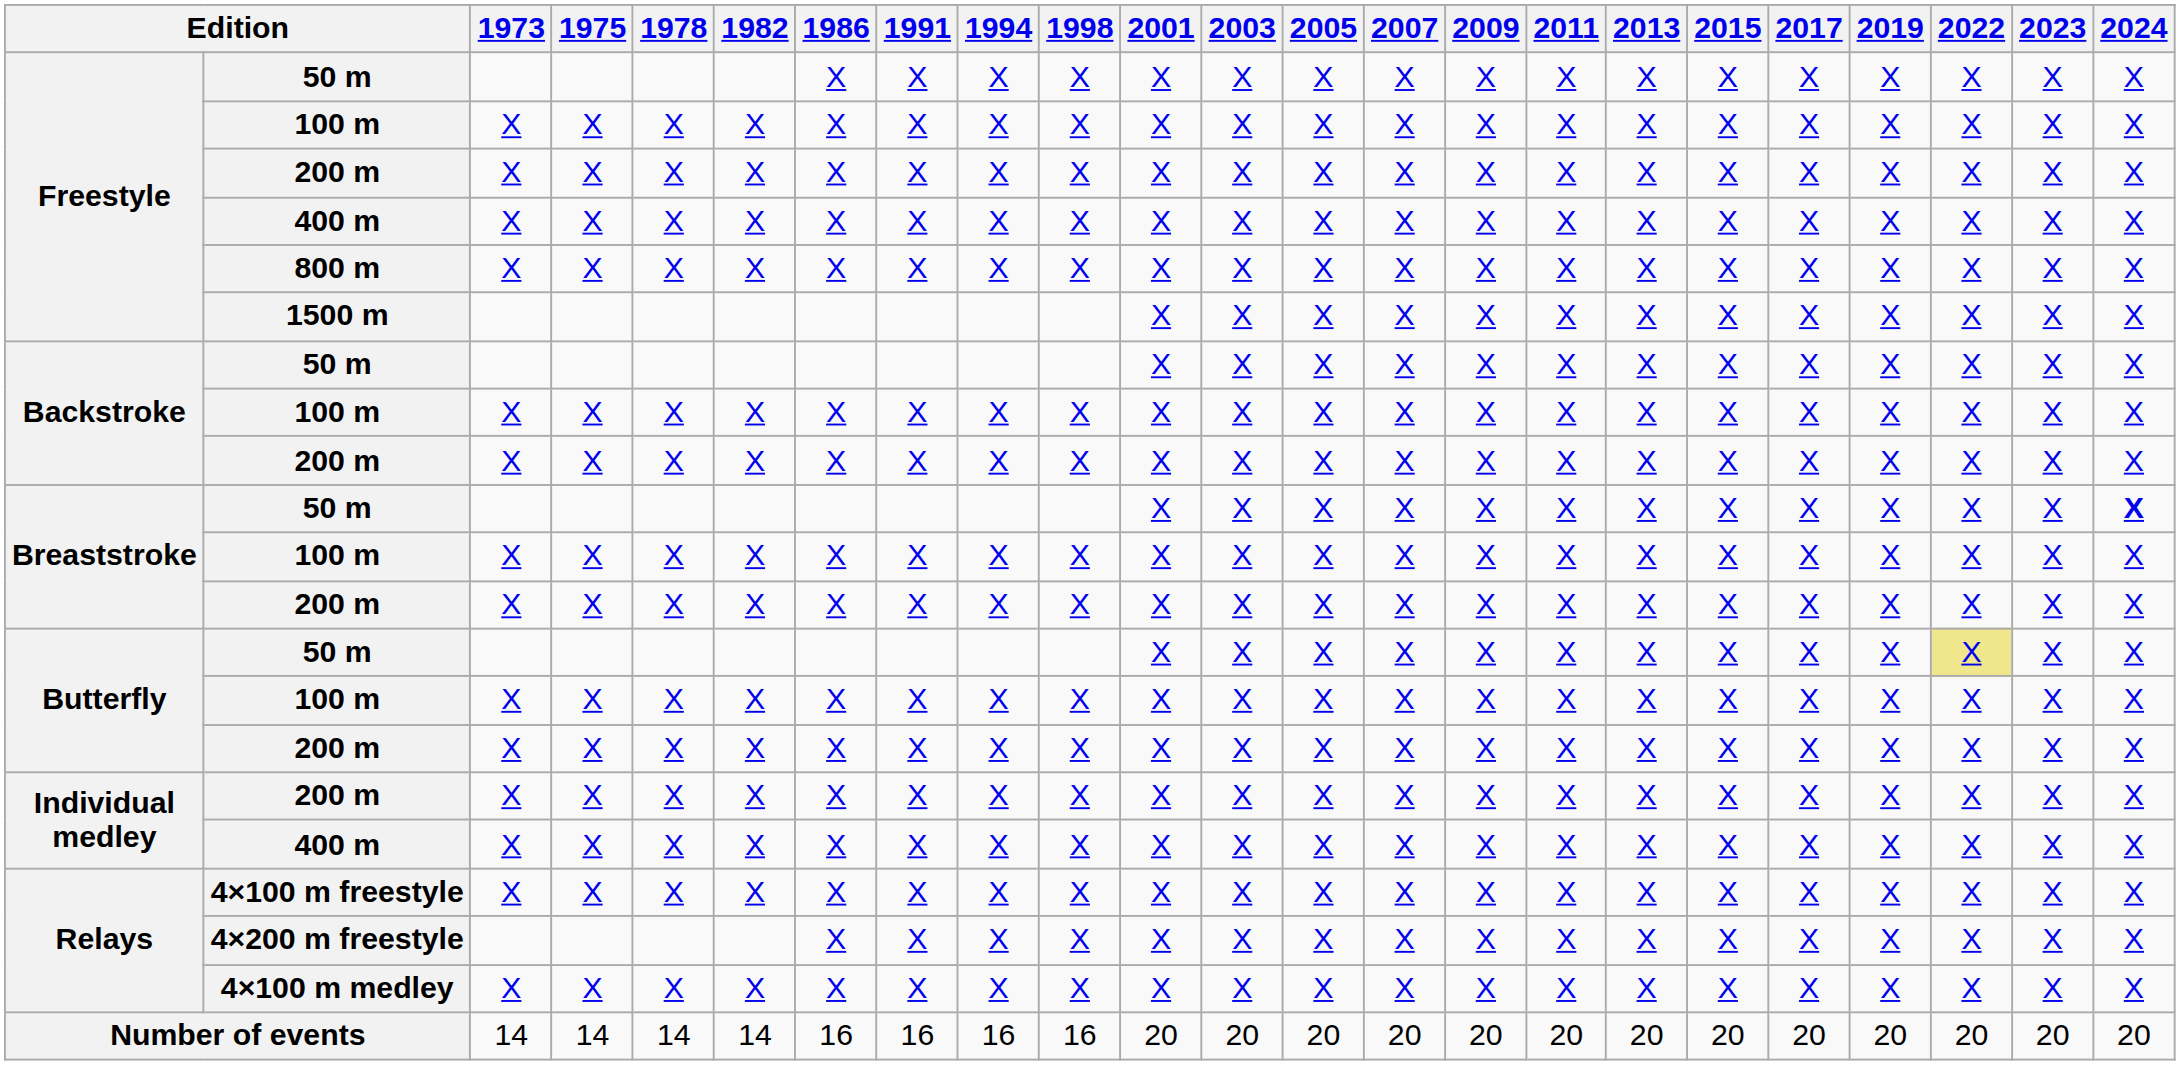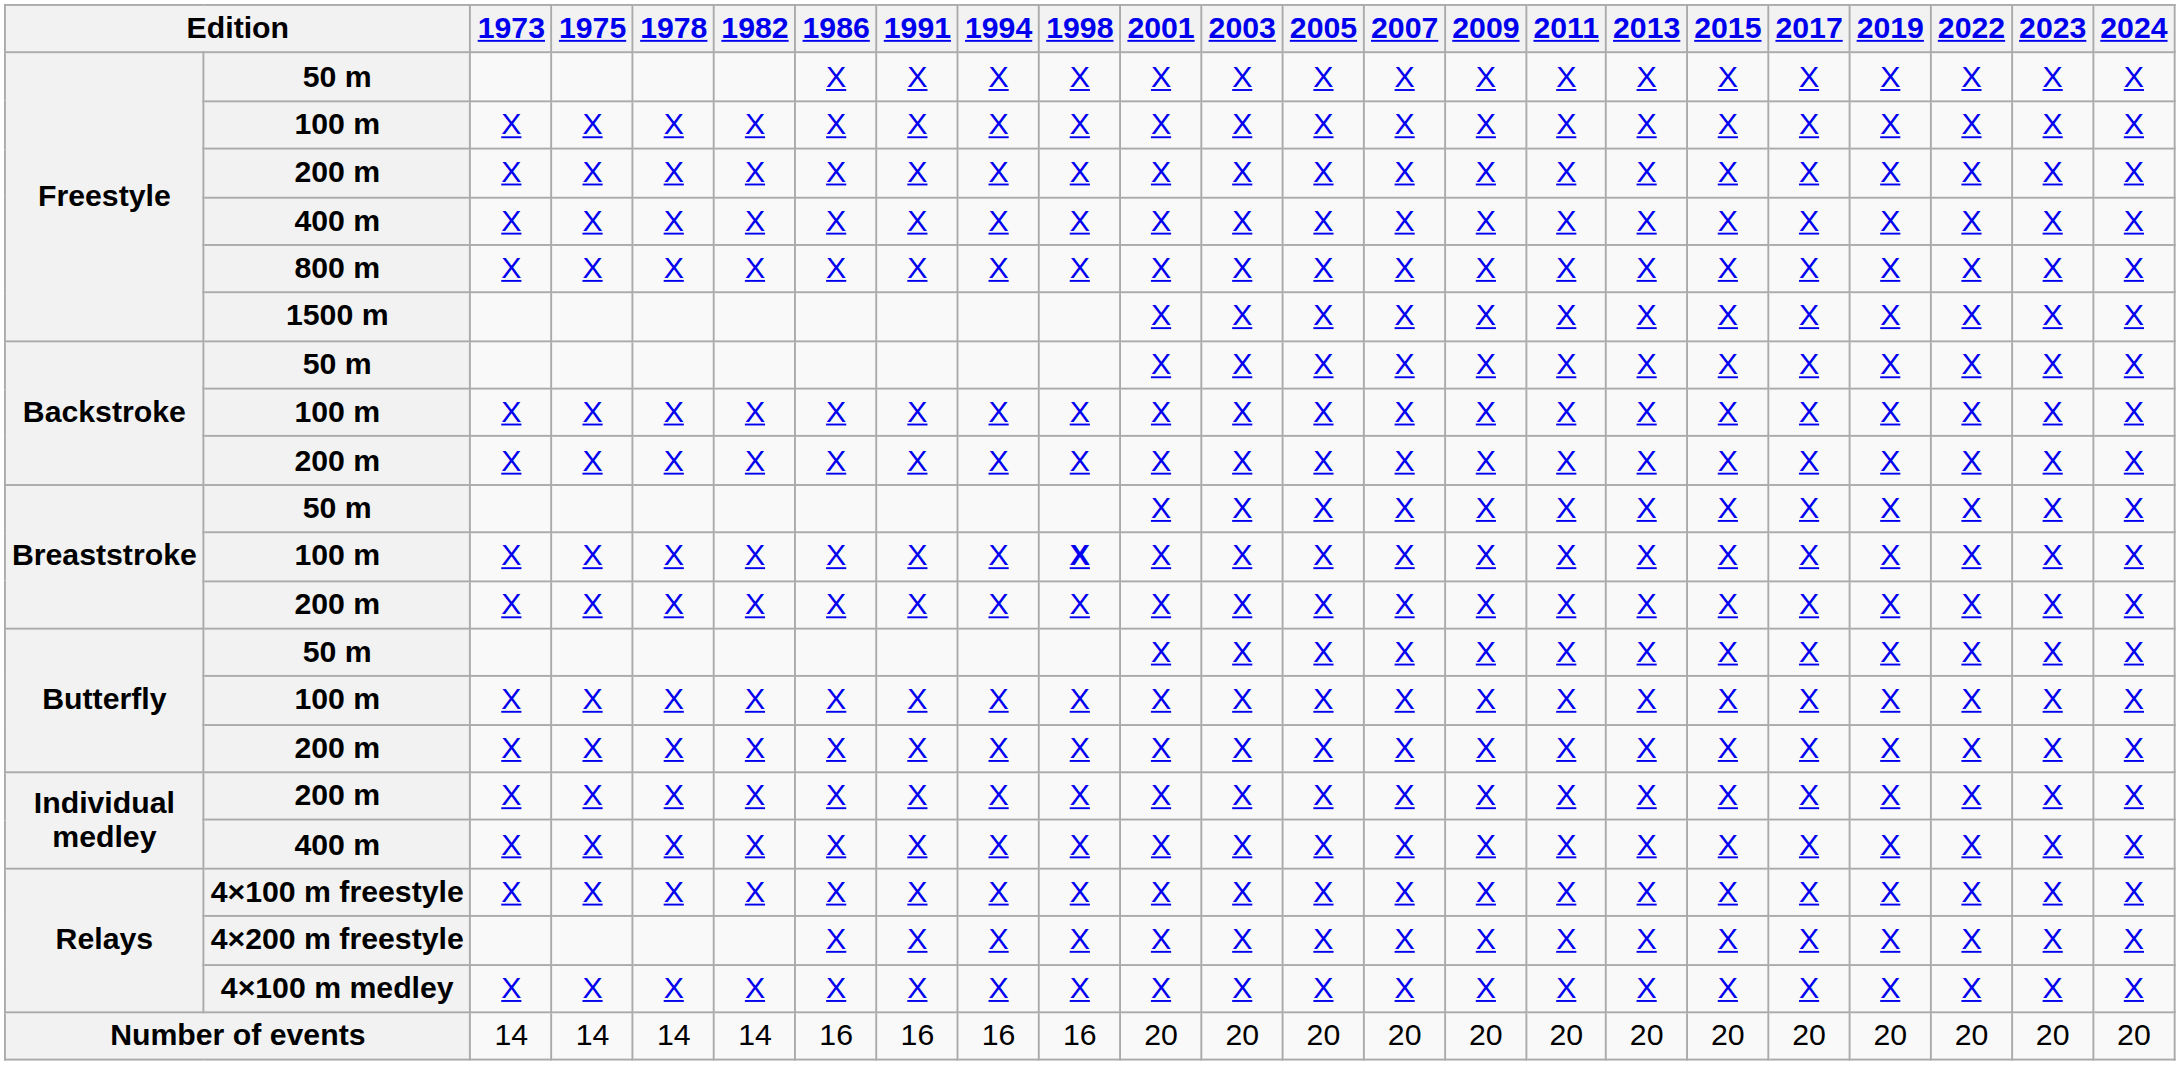 <table class="wikitable" style="text-size:95%; text-align:center">
 <tr>
 <th colspan="2">Edition</th>
 <th><a href='#'>1973</a></th>
 <th><a href='#'>1975</a></th>
 <th><a href='#'>1978</a></th>
 <th><a href='#'>1982</a></th>
 <th><a href='#'>1986</a></th>
 <th><a href='#'>1991</a></th>
 <th><a href='#'>1994</a></th>
 <th><a href='#'>1998</a></th>
 <th><a href='#'>2001</a></th>
 <th><a href='#'>2003</a></th>
 <th><a href='#'>2005</a></th>
 <th><a href='#'>2007</a></th>
 <th><a href='#'>2009</a></th>
 <th><a href='#'>2011</a></th>
 <th><a href='#'>2013</a></th>
 <th><a href='#'>2015</a></th>
 <th><a href='#'>2017</a></th>
 <th><a href='#'>2019</a></th>
 <th><a href='#'>2022</a></th>
 <th><a href='#'>2023</a></th>
 <th><a href='#'>2024</a></th>
 </tr>
 <tr>
 <th rowspan="6">Freestyle</th>
 <th>50 m</th>
 <td></td>
 <td></td>
 <td></td>
 <td></td>
 <td><a href='#'>X</a></td>
 <td><a href='#'>X</a></td>
 <td><a href='#'>X</a></td>
 <td><a href='#'>X</a></td>
 <td><a href='#'>X</a></td>
 <td><a href='#'>X</a></td>
 <td><a href='#'>X</a></td>
 <td><a href='#'>X</a></td>
 <td><a href='#'>X</a></td>
 <td><a href='#'>X</a></td>
 <td><a href='#'>X</a></td>
 <td><a href='#'>X</a></td>
 <td><a href='#'>X</a></td>
 <td><a href='#'>X</a></td>
 <td><a href='#'>X</a></td>
 <td><a href='#'>X</a></td>
 <td><a href='#'>X</a></td>
 </tr>
 <tr>
 <th>100 m</th>
 <td><a href='#'>X</a></td>
 <td><a href='#'>X</a></td>
 <td><a href='#'>X</a></td>
 <td><a href='#'>X</a></td>
 <td><a href='#'>X</a></td>
 <td><a href='#'>X</a></td>
 <td><a href='#'>X</a></td>
 <td><a href='#'>X</a></td>
 <td><a href='#'>X</a></td>
 <td><a href='#'>X</a></td>
 <td><a href='#'>X</a></td>
 <td><a href='#'>X</a></td>
 <td><a href='#'>X</a></td>
 <td><a href='#'>X</a></td>
 <td><a href='#'>X</a></td>
 <td><a href='#'>X</a></td>
 <td><a href='#'>X</a></td>
 <td><a href='#'>X</a></td>
 <td><a href='#'>X</a></td>
 <td><a href='#'>X</a></td>
 <td><a href='#'>X</a></td>
 </tr>
 <tr>
 <th>200 m</th>
 <td><a href='#'>X</a></td>
 <td><a href='#'>X</a></td>
 <td><a href='#'>X</a></td>
 <td><a href='#'>X</a></td>
 <td><a href='#'>X</a></td>
 <td><a href='#'>X</a></td>
 <td><a href='#'>X</a></td>
 <td><a href='#'>X</a></td>
 <td><a href='#'>X</a></td>
 <td><a href='#'>X</a></td>
 <td><a href='#'>X</a></td>
 <td><a href='#'>X</a></td>
 <td><a href='#'>X</a></td>
 <td><a href='#'>X</a></td>
 <td><a href='#'>X</a></td>
 <td><a href='#'>X</a></td>
 <td><a href='#'>X</a></td>
 <td><a href='#'>X</a></td>
 <td><a href='#'>X</a></td>
 <td><a href='#'>X</a></td>
 <td><a href='#'>X</a></td>
 </tr>
 <tr>
 <th>400 m</th>
 <td><a href='#'>X</a></td>
 <td><a href='#'>X</a></td>
 <td><a href='#'>X</a></td>
 <td><a href='#'>X</a></td>
 <td><a href='#'>X</a></td>
 <td><a href='#'>X</a></td>
 <td><a href='#'>X</a></td>
 <td><a href='#'>X</a></td>
 <td><a href='#'>X</a></td>
 <td><a href='#'>X</a></td>
 <td><a href='#'>X</a></td>
 <td><a href='#'>X</a></td>
 <td><a href='#'>X</a></td>
 <td><a href='#'>X</a></td>
 <td><a href='#'>X</a></td>
 <td><a href='#'>X</a></td>
 <td><a href='#'>X</a></td>
 <td><a href='#'>X</a></td>
 <td><a href='#'>X</a></td>
 <td><a href='#'>X</a></td>
 <td><a href='#'>X</a></td>
 </tr>
 <tr>
 <th>800 m</th>
 <td><a href='#'>X</a></td>
 <td><a href='#'>X</a></td>
 <td><a href='#'>X</a></td>
 <td><a href='#'>X</a></td>
 <td><a href='#'>X</a></td>
 <td><a href='#'>X</a></td>
 <td><a href='#'>X</a></td>
 <td><a href='#'>X</a></td>
 <td><a href='#'>X</a></td>
 <td><a href='#'>X</a></td>
 <td><a href='#'>X</a></td>
 <td><a href='#'>X</a></td>
 <td><a href='#'>X</a></td>
 <td><a href='#'>X</a></td>
 <td><a href='#'>X</a></td>
 <td><a href='#'>X</a></td>
 <td><a href='#'>X</a></td>
 <td><a href='#'>X</a></td>
 <td><a href='#'>X</a></td>
 <td><a href='#'>X</a></td>
 <td><a href='#'>X</a></td>
 </tr>
 <tr>
 <th>1500 m</th>
 <td></td>
 <td></td>
 <td></td>
 <td></td>
 <td></td>
 <td></td>
 <td></td>
 <td></td>
 <td><a href='#'>X</a></td>
 <td><a href='#'>X</a></td>
 <td><a href='#'>X</a></td>
 <td><a href='#'>X</a></td>
 <td><a href='#'>X</a></td>
 <td><a href='#'>X</a></td>
 <td><a href='#'>X</a></td>
 <td><a href='#'>X</a></td>
 <td><a href='#'>X</a></td>
 <td><a href='#'>X</a></td>
 <td><a href='#'>X</a></td>
 <td><a href='#'>X</a></td>
 <td><a href='#'>X</a></td>
 </tr>
 <tr>
 <th rowspan="3">Backstroke</th>
 <th>50 m</th>
 <td></td>
 <td></td>
 <td></td>
 <td></td>
 <td></td>
 <td></td>
 <td></td>
 <td></td>
 <td><a href='#'>X</a></td>
 <td><a href='#'>X</a></td>
 <td><a href='#'>X</a></td>
 <td><a href='#'>X</a></td>
 <td><a href='#'>X</a></td>
 <td><a href='#'>X</a></td>
 <td><a href='#'>X</a></td>
 <td><a href='#'>X</a></td>
 <td><a href='#'>X</a></td>
 <td><a href='#'>X</a></td>
 <td><a href='#'>X</a></td>
 <td><a href='#'>X</a></td>
 <td><a href='#'>X</a></td>
 </tr>
 <tr>
 <th>100 m</th>
 <td><a href='#'>X</a></td>
 <td><a href='#'>X</a></td>
 <td><a href='#'>X</a></td>
 <td><a href='#'>X</a></td>
 <td><a href='#'>X</a></td>
 <td><a href='#'>X</a></td>
 <td><a href='#'>X</a></td>
 <td><a href='#'>X</a></td>
 <td><a href='#'>X</a></td>
 <td><a href='#'>X</a></td>
 <td><a href='#'>X</a></td>
 <td><a href='#'>X</a></td>
 <td><a href='#'>X</a></td>
 <td><a href='#'>X</a></td>
 <td><a href='#'>X</a></td>
 <td><a href='#'>X</a></td>
 <td><a href='#'>X</a></td>
 <td><a href='#'>X</a></td>
 <td><a href='#'>X</a></td>
 <td><a href='#'>X</a></td>
 <td><a href='#'>X</a></td>
 </tr>
 <tr>
 <th>200 m</th>
 <td><a href='#'>X</a></td>
 <td><a href='#'>X</a></td>
 <td><a href='#'>X</a></td>
 <td><a href='#'>X</a></td>
 <td><a href='#'>X</a></td>
 <td><a href='#'>X</a></td>
 <td><a href='#'>X</a></td>
 <td><a href='#'>X</a></td>
 <td><a href='#'>X</a></td>
 <td><a href='#'>X</a></td>
 <td><a href='#'>X</a></td>
 <td><a href='#'>X</a></td>
 <td><a href='#'>X</a></td>
 <td><a href='#'>X</a></td>
 <td><a href='#'>X</a></td>
 <td><a href='#'>X</a></td>
 <td><a href='#'>X</a></td>
 <td><a href='#'>X</a></td>
 <td><a href='#'>X</a></td>
 <td><a href='#'>X</a></td>
 <td><a href='#'>X</a></td>
 </tr>
 <tr>
 <th rowspan="3">Breaststroke</th>
 <th>50 m</th>
 <td></td>
 <td></td>
 <td></td>
 <td></td>
 <td></td>
 <td></td>
 <td></td>
 <td></td>
 <td><a href='#'>X</a></td>
 <td><a href='#'>X</a></td>
 <td><a href='#'>X</a></td>
 <td><a href='#'>X</a></td>
 <td><a href='#'>X</a></td>
 <td><a href='#'>X</a></td>
 <td><a href='#'>X</a></td>
 <td><a href='#'>X</a></td>
 <td><a href='#'>X</a></td>
 <td><a href='#'>X</a></td>
 <td><a href='#'>X</a></td>
 <td><a href='#'>X</a></td>
-<td><strong><a href='#'>X</a></strong></td>
+<td><a href='#'>X</a></td>
 </tr>
 <tr>
 <th>100 m</th>
 <td><a href='#'>X</a></td>
 <td><a href='#'>X</a></td>
 <td><a href='#'>X</a></td>
 <td><a href='#'>X</a></td>
 <td><a href='#'>X</a></td>
 <td><a href='#'>X</a></td>
 <td><a href='#'>X</a></td>
-<td><a href='#'>X</a></td>
+<td><strong><a href='#'>X</a></strong></td>
 <td><a href='#'>X</a></td>
 <td><a href='#'>X</a></td>
 <td><a href='#'>X</a></td>
 <td><a href='#'>X</a></td>
 <td><a href='#'>X</a></td>
 <td><a href='#'>X</a></td>
 <td><a href='#'>X</a></td>
 <td><a href='#'>X</a></td>
 <td><a href='#'>X</a></td>
 <td><a href='#'>X</a></td>
 <td><a href='#'>X</a></td>
 <td><a href='#'>X</a></td>
 <td><a href='#'>X</a></td>
 </tr>
 <tr>
 <th>200 m</th>
 <td><a href='#'>X</a></td>
 <td><a href='#'>X</a></td>
 <td><a href='#'>X</a></td>
 <td><a href='#'>X</a></td>
 <td><a href='#'>X</a></td>
 <td><a href='#'>X</a></td>
 <td><a href='#'>X</a></td>
 <td><a href='#'>X</a></td>
 <td><a href='#'>X</a></td>
 <td><a href='#'>X</a></td>
 <td><a href='#'>X</a></td>
 <td><a href='#'>X</a></td>
 <td><a href='#'>X</a></td>
 <td><a href='#'>X</a></td>
 <td><a href='#'>X</a></td>
 <td><a href='#'>X</a></td>
 <td><a href='#'>X</a></td>
 <td><a href='#'>X</a></td>
 <td><a href='#'>X</a></td>
 <td><a href='#'>X</a></td>
 <td><a href='#'>X</a></td>
 </tr>
 <tr>
 <th rowspan="3">Butterfly</th>
 <th>50 m</th>
 <td></td>
 <td></td>
 <td></td>
 <td></td>
 <td></td>
 <td></td>
 <td></td>
 <td></td>
 <td><a href='#'>X</a></td>
 <td><a href='#'>X</a></td>
 <td><a href='#'>X</a></td>
 <td><a href='#'>X</a></td>
 <td><a href='#'>X</a></td>
 <td><a href='#'>X</a></td>
 <td><a href='#'>X</a></td>
 <td><a href='#'>X</a></td>
 <td><a href='#'>X</a></td>
 <td><a href='#'>X</a></td>
-<td style="background: khaki;"><a href='#'>X</a></td>
+<td><a href='#'>X</a></td>
 <td><a href='#'>X</a></td>
 <td><a href='#'>X</a></td>
 </tr>
 <tr>
 <th>100 m</th>
 <td><a href='#'>X</a></td>
 <td><a href='#'>X</a></td>
 <td><a href='#'>X</a></td>
 <td><a href='#'>X</a></td>
 <td><a href='#'>X</a></td>
 <td><a href='#'>X</a></td>
 <td><a href='#'>X</a></td>
 <td><a href='#'>X</a></td>
 <td><a href='#'>X</a></td>
 <td><a href='#'>X</a></td>
 <td><a href='#'>X</a></td>
 <td><a href='#'>X</a></td>
 <td><a href='#'>X</a></td>
 <td><a href='#'>X</a></td>
 <td><a href='#'>X</a></td>
 <td><a href='#'>X</a></td>
 <td><a href='#'>X</a></td>
 <td><a href='#'>X</a></td>
 <td><a href='#'>X</a></td>
 <td><a href='#'>X</a></td>
 <td><a href='#'>X</a></td>
 </tr>
 <tr>
 <th>200 m</th>
 <td><a href='#'>X</a></td>
 <td><a href='#'>X</a></td>
 <td><a href='#'>X</a></td>
 <td><a href='#'>X</a></td>
 <td><a href='#'>X</a></td>
 <td><a href='#'>X</a></td>
 <td><a href='#'>X</a></td>
 <td><a href='#'>X</a></td>
 <td><a href='#'>X</a></td>
 <td><a href='#'>X</a></td>
 <td><a href='#'>X</a></td>
 <td><a href='#'>X</a></td>
 <td><a href='#'>X</a></td>
 <td><a href='#'>X</a></td>
 <td><a href='#'>X</a></td>
 <td><a href='#'>X</a></td>
 <td><a href='#'>X</a></td>
 <td><a href='#'>X</a></td>
 <td><a href='#'>X</a></td>
 <td><a href='#'>X</a></td>
 <td><a href='#'>X</a></td>
 </tr>
 <tr>
 <th rowspan="2">Individual<br>medley</th>
 <th>200 m</th>
 <td><a href='#'>X</a></td>
 <td><a href='#'>X</a></td>
 <td><a href='#'>X</a></td>
 <td><a href='#'>X</a></td>
 <td><a href='#'>X</a></td>
 <td><a href='#'>X</a></td>
 <td><a href='#'>X</a></td>
 <td><a href='#'>X</a></td>
 <td><a href='#'>X</a></td>
 <td><a href='#'>X</a></td>
 <td><a href='#'>X</a></td>
 <td><a href='#'>X</a></td>
 <td><a href='#'>X</a></td>
 <td><a href='#'>X</a></td>
 <td><a href='#'>X</a></td>
 <td><a href='#'>X</a></td>
 <td><a href='#'>X</a></td>
 <td><a href='#'>X</a></td>
 <td><a href='#'>X</a></td>
 <td><a href='#'>X</a></td>
 <td><a href='#'>X</a></td>
 </tr>
 <tr>
 <th>400 m</th>
 <td><a href='#'>X</a></td>
 <td><a href='#'>X</a></td>
 <td><a href='#'>X</a></td>
 <td><a href='#'>X</a></td>
 <td><a href='#'>X</a></td>
 <td><a href='#'>X</a></td>
 <td><a href='#'>X</a></td>
 <td><a href='#'>X</a></td>
 <td><a href='#'>X</a></td>
 <td><a href='#'>X</a></td>
 <td><a href='#'>X</a></td>
 <td><a href='#'>X</a></td>
 <td><a href='#'>X</a></td>
 <td><a href='#'>X</a></td>
 <td><a href='#'>X</a></td>
 <td><a href='#'>X</a></td>
 <td><a href='#'>X</a></td>
 <td><a href='#'>X</a></td>
 <td><a href='#'>X</a></td>
 <td><a href='#'>X</a></td>
 <td><a href='#'>X</a></td>
 </tr>
 <tr>
 <th rowspan="3">Relays</th>
 <th>4×100 m freestyle</th>
 <td><a href='#'>X</a></td>
 <td><a href='#'>X</a></td>
 <td><a href='#'>X</a></td>
 <td><a href='#'>X</a></td>
 <td><a href='#'>X</a></td>
 <td><a href='#'>X</a></td>
 <td><a href='#'>X</a></td>
 <td><a href='#'>X</a></td>
 <td><a href='#'>X</a></td>
 <td><a href='#'>X</a></td>
 <td><a href='#'>X</a></td>
 <td><a href='#'>X</a></td>
 <td><a href='#'>X</a></td>
 <td><a href='#'>X</a></td>
 <td><a href='#'>X</a></td>
 <td><a href='#'>X</a></td>
 <td><a href='#'>X</a></td>
 <td><a href='#'>X</a></td>
 <td><a href='#'>X</a></td>
 <td><a href='#'>X</a></td>
 <td><a href='#'>X</a></td>
 </tr>
 <tr>
 <th>4×200 m freestyle</th>
 <td></td>
 <td></td>
 <td></td>
 <td></td>
 <td><a href='#'>X</a></td>
 <td><a href='#'>X</a></td>
 <td><a href='#'>X</a></td>
 <td><a href='#'>X</a></td>
 <td><a href='#'>X</a></td>
 <td><a href='#'>X</a></td>
 <td><a href='#'>X</a></td>
 <td><a href='#'>X</a></td>
 <td><a href='#'>X</a></td>
 <td><a href='#'>X</a></td>
 <td><a href='#'>X</a></td>
 <td><a href='#'>X</a></td>
 <td><a href='#'>X</a></td>
 <td><a href='#'>X</a></td>
 <td><a href='#'>X</a></td>
 <td><a href='#'>X</a></td>
 <td><a href='#'>X</a></td>
 </tr>
 <tr>
 <th>4×100 m medley</th>
 <td><a href='#'>X</a></td>
 <td><a href='#'>X</a></td>
 <td><a href='#'>X</a></td>
 <td><a href='#'>X</a></td>
 <td><a href='#'>X</a></td>
 <td><a href='#'>X</a></td>
 <td><a href='#'>X</a></td>
 <td><a href='#'>X</a></td>
 <td><a href='#'>X</a></td>
 <td><a href='#'>X</a></td>
 <td><a href='#'>X</a></td>
 <td><a href='#'>X</a></td>
 <td><a href='#'>X</a></td>
 <td><a href='#'>X</a></td>
 <td><a href='#'>X</a></td>
 <td><a href='#'>X</a></td>
 <td><a href='#'>X</a></td>
 <td><a href='#'>X</a></td>
 <td><a href='#'>X</a></td>
 <td><a href='#'>X</a></td>
 <td><a href='#'>X</a></td>
 </tr>
 <tr>
 <th colspan="2">Number of events</th>
 <td>14</td>
 <td>14</td>
 <td>14</td>
 <td>14</td>
 <td>16</td>
 <td>16</td>
 <td>16</td>
 <td>16</td>
 <td>20</td>
 <td>20</td>
 <td>20</td>
 <td>20</td>
 <td>20</td>
 <td>20</td>
 <td>20</td>
 <td>20</td>
 <td>20</td>
 <td>20</td>
 <td>20</td>
 <td>20</td>
 <td>20</td>
 </tr>
 </table>
